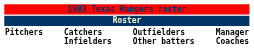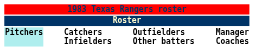 <table class="toccolours" style="font-size: 95%;">
 <tr>
 <th colspan="10" style="background-color: red; color: #003366; text-align: center;">1983 Texas Rangers roster</th>
 </tr>
 <tr>
 <td colspan="10" style="background-color: #003366; color: #FFFDD0; text-align: center;"><strong>Roster</strong></td>
 </tr>
 <tr>
-<td valign="top"><strong>Pitchers</strong><br>               </td>
+<td valign="top" style="background: paleturquoise;"><strong>Pitchers</strong><br>               </td>
 <td width="25px"></td>
 <td valign="top"><strong>Catchers</strong><br>   <strong>Infielders</strong>          </td>
 <td width="25px"></td>
 <td valign="top"><strong>Outfielders</strong><br>      <strong>Other batters</strong>  </td>
 <td width="25px"></td>
 <td valign="top"><strong>Manager</strong><br> <strong>Coaches</strong>     </td>
 </tr>
 <tr>
 </tr>
 </table>
